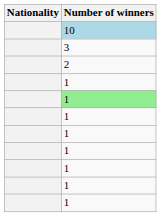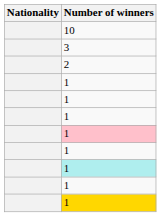 <table class="wikitable plainrowheaders">
 <tr>
 <th scope="col">Nationality</th>
 <th scope="col">Number of winners</th>
 </tr>
 <tr>
 <th scope="row"></th>
-<td style="background: lightblue;">10</td>
+<td>10</td>
 </tr>
 <tr>
 <th scope="row"></th>
 <td>3</td>
 </tr>
 <tr>
 <th scope="row"></th>
 <td>2</td>
 </tr>
 <tr>
 <th scope="row"></th>
 <td>1</td>
 </tr>
 <tr>
 <th scope="row"></th>
-<td style="background: lightgreen;">1</td>
-</tr>
-<tr>
-<th scope="row"></th>
 <td>1</td>
 </tr>
 <tr>
 <th scope="row"></th>
 <td>1</td>
 </tr>
 <tr>
 <th scope="row"></th>
-<td>1</td>
+<td style="background: pink;">1</td>
 </tr>
 <tr>
 <th scope="row"></th>
 <td>1</td>
 </tr>
 <tr>
 <th scope="row"></th>
-<td>1</td>
+<td style="background: paleturquoise;">1</td>
 </tr>
 <tr>
 <th scope="row"></th>
 <td>1</td>
 </tr>
+<tr>
+<th scope="row"></th>
+<td style="background: gold;">1</td>
+</tr>
 </table>
